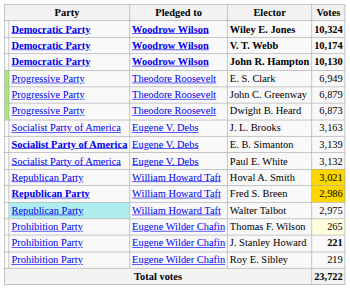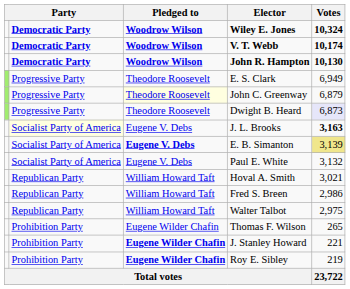 <table class="wikitable">
 <tr>
 <th colspan=2>Party</th>
 <th>Pledged to</th>
 <th>Elector</th>
 <th>Votes</th>
 </tr>
 <tr style="font-weight:bold">
 <td bgcolor=></td>
 <td><a href='#'>Democratic Party</a></td>
 <td><a href='#'>Woodrow Wilson</a></td>
 <td>Wiley E. Jones</td>
 <td align=right>10,324</td>
 </tr>
 <tr style="font-weight:bold">
 <td bgcolor=></td>
 <td><a href='#'>Democratic Party</a></td>
 <td><a href='#'>Woodrow Wilson</a></td>
 <td>V. T. Webb</td>
 <td align=right>10,174</td>
 </tr>
 <tr style="font-weight:bold">
 <td bgcolor=></td>
 <td><a href='#'>Democratic Party</a></td>
 <td><a href='#'>Woodrow Wilson</a></td>
 <td>John R. Hampton</td>
 <td align=right>10,130</td>
 </tr>
 <tr>
 <td bgcolor=#A2ED70></td>
 <td><a href='#'>Progressive Party</a></td>
 <td><a href='#'>Theodore Roosevelt</a></td>
 <td>E. S. Clark</td>
 <td align=right>6,949</td>
 </tr>
 <tr>
 <td bgcolor=#A2ED70></td>
 <td><a href='#'>Progressive Party</a></td>
-<td><a href='#'>Theodore Roosevelt</a></td>
+<td style="background: lightyellow;"><a href='#'>Theodore Roosevelt</a></td>
 <td>John C. Greenway</td>
 <td align=right>6,879</td>
 </tr>
 <tr>
 <td bgcolor=#A2ED70></td>
 <td><a href='#'>Progressive Party</a></td>
 <td><a href='#'>Theodore Roosevelt</a></td>
 <td>Dwight B. Heard</td>
-<td align=right>6,873</td>
+<td align=right style="background: lavender;">6,873</td>
+</tr>
+<tr>
+<td bgcolor=></td>
+<td style="background: lightyellow;"><a href='#'>Socialist Party of America</a></td>
+<td><a href='#'>Eugene V. Debs</a></td>
+<td>J. L. Brooks</td>
+<td align=right><strong>3,163</strong></td>
 </tr>
 <tr>
 <td bgcolor=></td>
 <td><a href='#'>Socialist Party of America</a></td>
-<td><a href='#'>Eugene V. Debs</a></td>
-<td>J. L. Brooks</td>
-<td align=right>3,163</td>
-</tr>
-<tr>
-<td bgcolor=></td>
-<td><strong><a href='#'>Socialist Party of America</a></strong></td>
-<td><a href='#'>Eugene V. Debs</a></td>
+<td><strong><a href='#'>Eugene V. Debs</a></strong></td>
 <td>E. B. Simanton</td>
-<td align=right>3,139</td>
+<td align=right style="background: khaki;">3,139</td>
 </tr>
 <tr>
 <td bgcolor=></td>
 <td><a href='#'>Socialist Party of America</a></td>
 <td><a href='#'>Eugene V. Debs</a></td>
 <td>Paul E. White</td>
 <td align=right>3,132</td>
 </tr>
 <tr>
 <td bgcolor=></td>
 <td><a href='#'>Republican Party</a></td>
 <td><a href='#'>William Howard Taft</a></td>
 <td>Hoval A. Smith</td>
-<td align=right style="background: gold;">3,021</td>
+<td align=right>3,021</td>
 </tr>
 <tr>
 <td bgcolor=></td>
-<td><strong><a href='#'>Republican Party</a></strong></td>
+<td><a href='#'>Republican Party</a></td>
 <td><a href='#'>William Howard Taft</a></td>
 <td>Fred S. Breen</td>
-<td align=right style="background: gold;">2,986</td>
+<td align=right>2,986</td>
 </tr>
 <tr>
 <td bgcolor=></td>
-<td style="background: paleturquoise;"><a href='#'>Republican Party</a></td>
+<td><a href='#'>Republican Party</a></td>
 <td><a href='#'>William Howard Taft</a></td>
 <td>Walter Talbot</td>
 <td align=right>2,975</td>
 </tr>
 <tr>
 <td bgcolor=></td>
 <td><a href='#'>Prohibition Party</a></td>
 <td><a href='#'>Eugene Wilder Chafin</a></td>
 <td>Thomas F. Wilson</td>
-<td align=right style="background: lightyellow;">265</td>
+<td align=right>265</td>
 </tr>
 <tr>
 <td bgcolor=></td>
 <td><a href='#'>Prohibition Party</a></td>
-<td><a href='#'>Eugene Wilder Chafin</a></td>
+<td><strong><a href='#'>Eugene Wilder Chafin</a></strong></td>
 <td>J. Stanley Howard</td>
-<td align=right><strong>221</strong></td>
+<td align=right>221</td>
 </tr>
 <tr>
 <td bgcolor=></td>
 <td><a href='#'>Prohibition Party</a></td>
-<td><a href='#'>Eugene Wilder Chafin</a></td>
+<td><strong><a href='#'>Eugene Wilder Chafin</a></strong></td>
 <td>Roy E. Sibley</td>
 <td align=right>219</td>
 </tr>
 <tr>
 <th colspan=4>Total votes</th>
 <th>23,722</th>
 </tr>
 </table>
